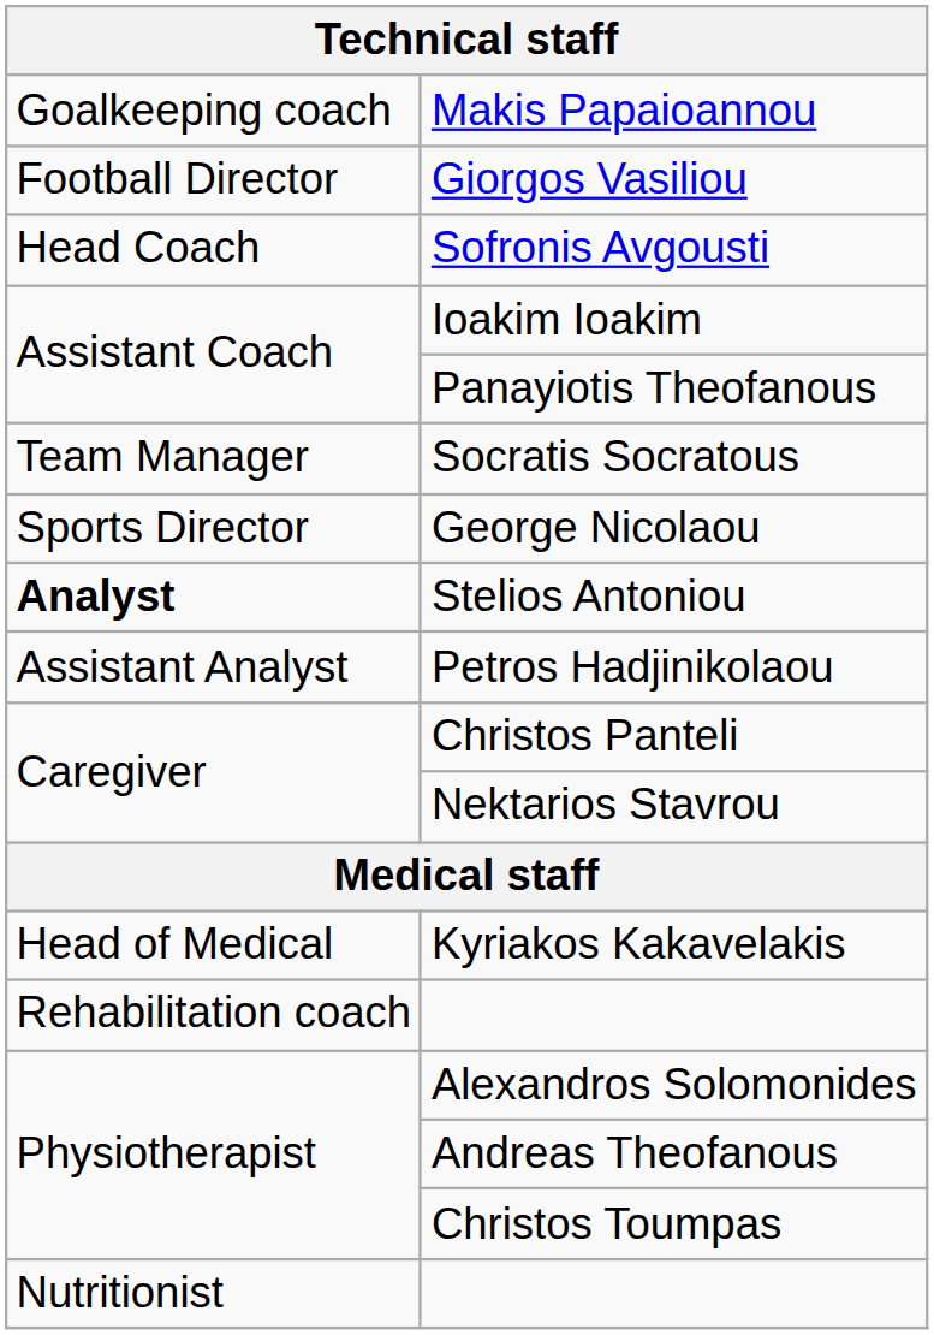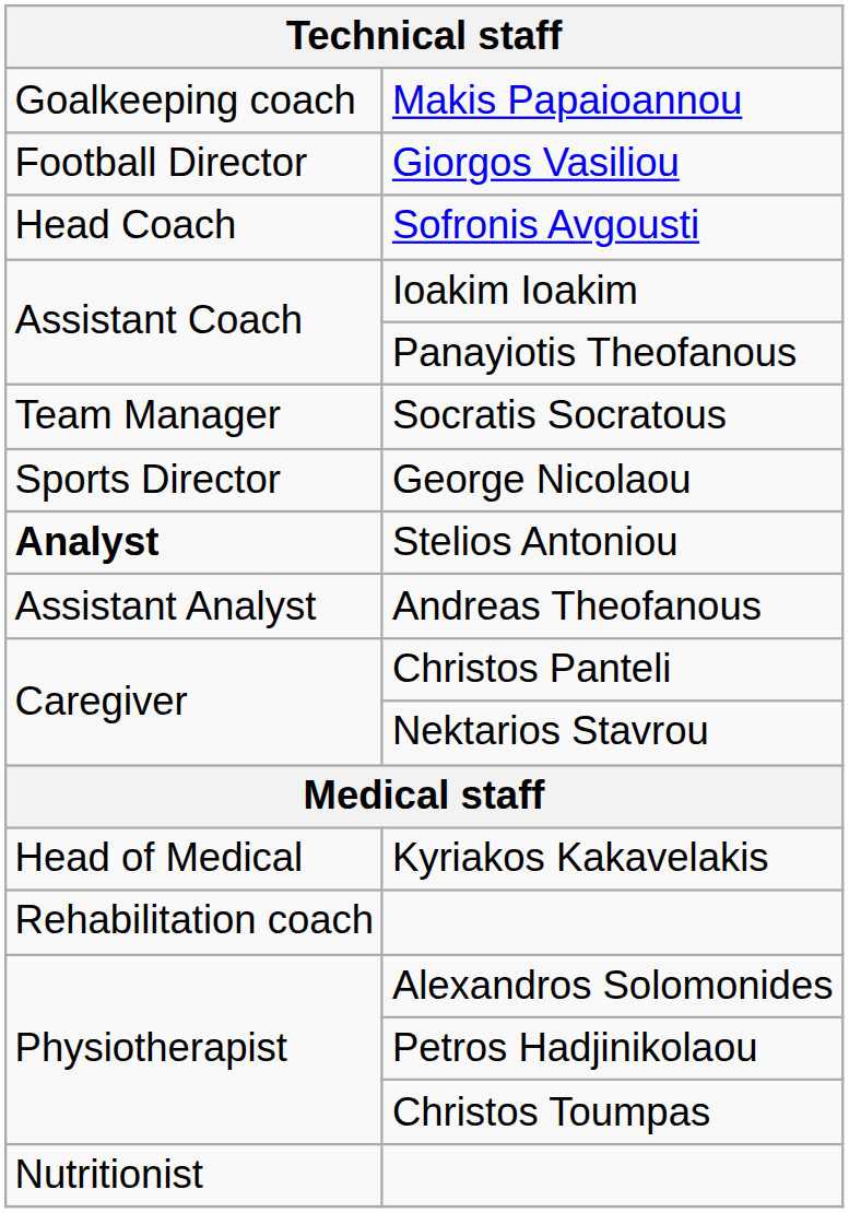 <table class="wikitable">
 <tr>
 <th colspan="2">Technical staff</th>
 </tr>
 <tr>
 <td>Goalkeeping coach</td>
 <td> <a href='#'>Makis Papaioannou</a></td>
 </tr>
 <tr>
 <td>Football Director</td>
 <td> <a href='#'>Giorgos Vasiliou</a></td>
 </tr>
 <tr>
 <td>Head Coach</td>
 <td> <a href='#'>Sofronis Avgousti</a></td>
 </tr>
 <tr>
 <td rowspan=2>Assistant Coach</td>
 <td> Ioakim Ioakim</td>
 </tr>
 <tr>
 <td> Panayiotis Theofanous</td>
 </tr>
 <tr>
 <td>Team Manager</td>
 <td> Socratis Socratous</td>
 </tr>
 <tr>
 <td>Sports Director</td>
 <td> George Nicolaou</td>
 </tr>
 <tr>
 <td><strong>Analyst</strong></td>
 <td> Stelios Antoniou</td>
 </tr>
 <tr>
 <td>Assistant Analyst</td>
-<td> Petros Hadjinikolaou</td>
+<td> Andreas Theofanous</td>
 </tr>
 <tr>
 <td rowspan=2>Caregiver</td>
 <td> Christos Panteli</td>
 </tr>
 <tr>
 <td> Nektarios Stavrou</td>
 </tr>
 <tr>
 <th colspan="2">Medical staff</th>
 </tr>
 <tr>
 <td>Head of Medical</td>
 <td> Kyriakos Kakavelakis</td>
 </tr>
 <tr>
 <td>Rehabilitation coach</td>
 <td></td>
 </tr>
 <tr>
 <td rowspan=3>Physiotherapist</td>
 <td> Alexandros Solomonides</td>
 </tr>
 <tr>
-<td> Andreas Theofanous</td>
+<td> Petros Hadjinikolaou</td>
 </tr>
 <tr>
 <td> Christos Toumpas</td>
 </tr>
 <tr>
 <td>Nutritionist</td>
 <td></td>
 </tr>
 <tr>
 </tr>
 </table>
